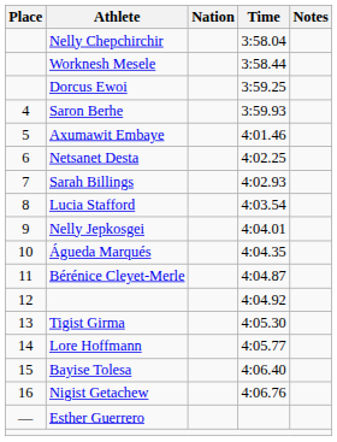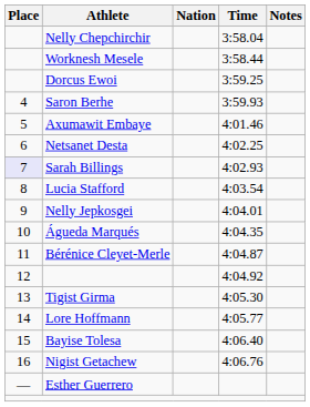 <table class="wikitable mw-datatable sortable" style="text-align:center;">
 <tr>
 <th scope="col">Place</th>
 <th scope="col">Athlete</th>
 <th scope="col">Nation</th>
 <th scope="col">Time</th>
 <th scope="col">Notes</th>
 </tr>
 <tr>
 <td></td>
 <td align="left"><a href='#'>Nelly Chepchirchir</a></td>
 <td align="left"></td>
 <td>3:58.04</td>
 <td></td>
 </tr>
 <tr>
 <td></td>
 <td align="left"><a href='#'>Worknesh Mesele</a></td>
 <td align="left"></td>
 <td>3:58.44</td>
 <td></td>
 </tr>
 <tr>
 <td></td>
 <td align="left"><a href='#'>Dorcus Ewoi</a></td>
 <td align="left"></td>
 <td>3:59.25</td>
 <td></td>
 </tr>
 <tr>
 <td>4</td>
 <td align="left"><a href='#'>Saron Berhe</a></td>
 <td align="left"></td>
 <td>3:59.93</td>
 <td></td>
 </tr>
 <tr>
 <td>5</td>
 <td align="left"><a href='#'>Axumawit Embaye</a></td>
 <td align="left"></td>
 <td>4:01.46</td>
 <td></td>
 </tr>
 <tr>
 <td>6</td>
 <td align="left"><a href='#'>Netsanet Desta</a></td>
 <td align="left"></td>
 <td>4:02.25</td>
 <td></td>
 </tr>
 <tr>
-<td>7</td>
+<td style="background: lavender;">7</td>
 <td align="left"><a href='#'>Sarah Billings</a></td>
 <td align="left"></td>
 <td>4:02.93</td>
 <td></td>
 </tr>
 <tr>
 <td>8</td>
 <td align="left"><a href='#'>Lucia Stafford</a></td>
 <td align="left"></td>
 <td>4:03.54</td>
 <td></td>
 </tr>
 <tr>
 <td>9</td>
 <td align="left"><a href='#'>Nelly Jepkosgei</a></td>
 <td align="left"></td>
 <td>4:04.01</td>
 <td></td>
 </tr>
 <tr>
 <td>10</td>
 <td align="left"><a href='#'>Águeda Marqués</a></td>
 <td align="left"></td>
 <td>4:04.35</td>
 <td></td>
 </tr>
 <tr>
 <td>11</td>
 <td align="left"><a href='#'>Bérénice Cleyet-Merle</a></td>
 <td align="left"></td>
 <td>4:04.87</td>
 <td></td>
 </tr>
 <tr>
 <td>12</td>
 <td align="left"></td>
 <td align="left"></td>
 <td>4:04.92</td>
 <td></td>
 </tr>
 <tr>
 <td>13</td>
 <td align="left"><a href='#'>Tigist Girma</a></td>
 <td align="left"></td>
 <td>4:05.30</td>
 <td></td>
 </tr>
 <tr>
 <td>14</td>
 <td align="left"><a href='#'>Lore Hoffmann</a></td>
 <td align="left"></td>
 <td>4:05.77</td>
 <td></td>
 </tr>
 <tr>
 <td>15</td>
 <td align="left"><a href='#'>Bayise Tolesa</a></td>
 <td align="left"></td>
 <td>4:06.40</td>
 <td></td>
 </tr>
 <tr>
 <td>16</td>
 <td align="left"><a href='#'>Nigist Getachew</a></td>
 <td align="left"></td>
 <td>4:06.76</td>
 <td></td>
 </tr>
 <tr>
 <td>—</td>
 <td align="left"><a href='#'>Esther Guerrero</a></td>
 <td align="left"></td>
 <td></td>
 <td></td>
 </tr>
 <tr class="sortbottom">
 <td colspan="5"></td>
 </tr>
 </table>
